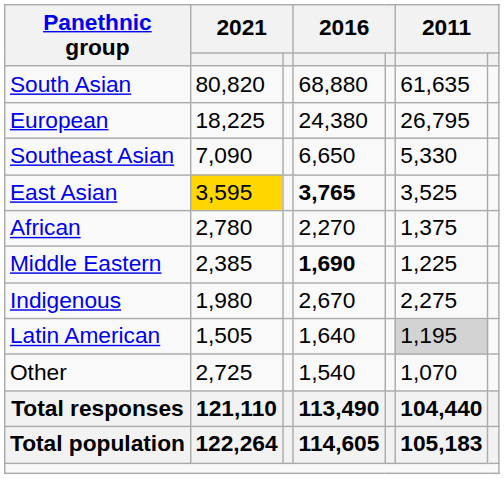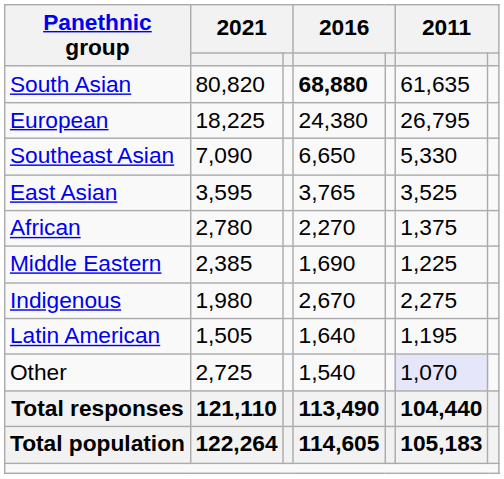 <table class="wikitable collapsible sortable">
 <tr>
 <th rowspan="2"><a href='#'>Panethnic</a><br>group</th>
 <th colspan="2">2021</th>
 <th colspan="2">2016</th>
 <th colspan="2">2011</th>
 </tr>
 <tr>
 <th><a href='#'></a></th>
 <th></th>
 <th></th>
 <th></th>
 <th></th>
 <th></th>
 </tr>
 <tr>
 <td><a href='#'>South Asian</a></td>
 <td>80,820</td>
 <td></td>
-<td>68,880</td>
+<td><strong>68,880</strong></td>
 <td></td>
 <td>61,635</td>
 <td></td>
 </tr>
 <tr>
 <td><a href='#'>European</a></td>
 <td>18,225</td>
 <td></td>
 <td>24,380</td>
 <td></td>
 <td>26,795</td>
 <td></td>
 </tr>
 <tr>
 <td><a href='#'>Southeast Asian</a></td>
 <td>7,090</td>
 <td></td>
 <td>6,650</td>
 <td></td>
 <td>5,330</td>
 <td></td>
 </tr>
 <tr>
 <td><a href='#'>East Asian</a></td>
-<td style="background: gold;">3,595</td>
+<td>3,595</td>
 <td></td>
-<td><strong>3,765</strong></td>
+<td>3,765</td>
 <td></td>
 <td>3,525</td>
 <td></td>
 </tr>
 <tr>
 <td><a href='#'>African</a></td>
 <td>2,780</td>
 <td></td>
 <td>2,270</td>
 <td></td>
 <td>1,375</td>
 <td></td>
 </tr>
 <tr>
 <td><a href='#'>Middle Eastern</a></td>
 <td>2,385</td>
 <td></td>
-<td><strong>1,690</strong></td>
+<td>1,690</td>
 <td></td>
 <td>1,225</td>
 <td></td>
 </tr>
 <tr>
 <td><a href='#'>Indigenous</a></td>
 <td>1,980</td>
 <td></td>
 <td>2,670</td>
 <td></td>
 <td>2,275</td>
 <td></td>
 </tr>
 <tr>
 <td><a href='#'>Latin American</a></td>
 <td>1,505</td>
 <td></td>
 <td>1,640</td>
 <td></td>
-<td style="background: lightgrey;">1,195</td>
+<td>1,195</td>
 <td></td>
 </tr>
 <tr>
 <td>Other</td>
 <td>2,725</td>
 <td></td>
 <td>1,540</td>
 <td></td>
-<td>1,070</td>
+<td style="background: lavender;">1,070</td>
 <td></td>
 </tr>
 <tr>
 <th>Total responses</th>
 <th>121,110</th>
 <th></th>
 <th>113,490</th>
 <th></th>
 <th>104,440</th>
 <th></th>
 </tr>
 <tr>
 <th>Total population</th>
 <th>122,264</th>
 <th></th>
 <th>114,605</th>
 <th></th>
 <th>105,183</th>
 <th></th>
 </tr>
 <tr class="sortbottom">
 <td colspan="15"></td>
 </tr>
 </table>
